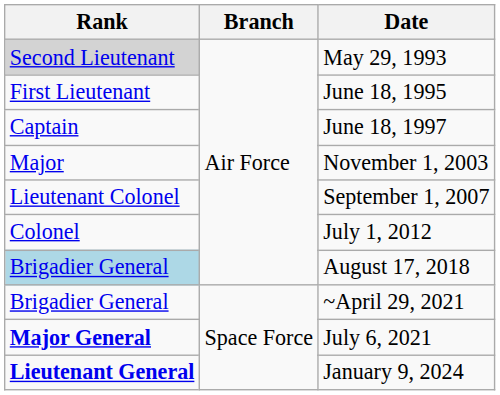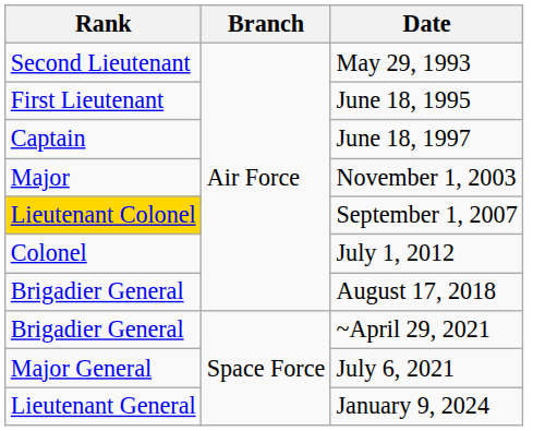 <table class="wikitable">
 <tr>
 <th>Rank</th>
 <th>Branch</th>
 <th>Date</th>
 </tr>
 <tr>
-<td style="background: lightgrey;"> <a href='#'>Second Lieutenant</a></td>
+<td> <a href='#'>Second Lieutenant</a></td>
 <td rowspan=7>Air Force</td>
 <td>May 29, 1993</td>
 </tr>
 <tr>
 <td> <a href='#'>First Lieutenant</a></td>
 <td>June 18, 1995</td>
 </tr>
 <tr>
 <td> <a href='#'>Captain</a></td>
 <td>June 18, 1997</td>
 </tr>
 <tr>
 <td> <a href='#'>Major</a></td>
 <td>November 1, 2003</td>
 </tr>
 <tr>
-<td> <a href='#'>Lieutenant Colonel</a></td>
+<td style="background: gold;"> <a href='#'>Lieutenant Colonel</a></td>
 <td>September 1, 2007</td>
 </tr>
 <tr>
 <td> <a href='#'>Colonel</a></td>
 <td>July 1, 2012</td>
 </tr>
 <tr>
-<td style="background: lightblue;"> <a href='#'>Brigadier General</a></td>
+<td> <a href='#'>Brigadier General</a></td>
 <td>August 17, 2018</td>
 </tr>
 <tr>
 <td> <a href='#'>Brigadier General</a></td>
 <td rowspan=3>Space Force</td>
 <td>~April 29, 2021</td>
 </tr>
 <tr>
-<td><strong> <a href='#'>Major General</a></strong></td>
+<td> <a href='#'>Major General</a></td>
 <td>July 6, 2021</td>
 </tr>
 <tr>
-<td><strong> <a href='#'>Lieutenant General</a></strong></td>
+<td> <a href='#'>Lieutenant General</a></td>
 <td>January 9, 2024</td>
 </tr>
 </table>
